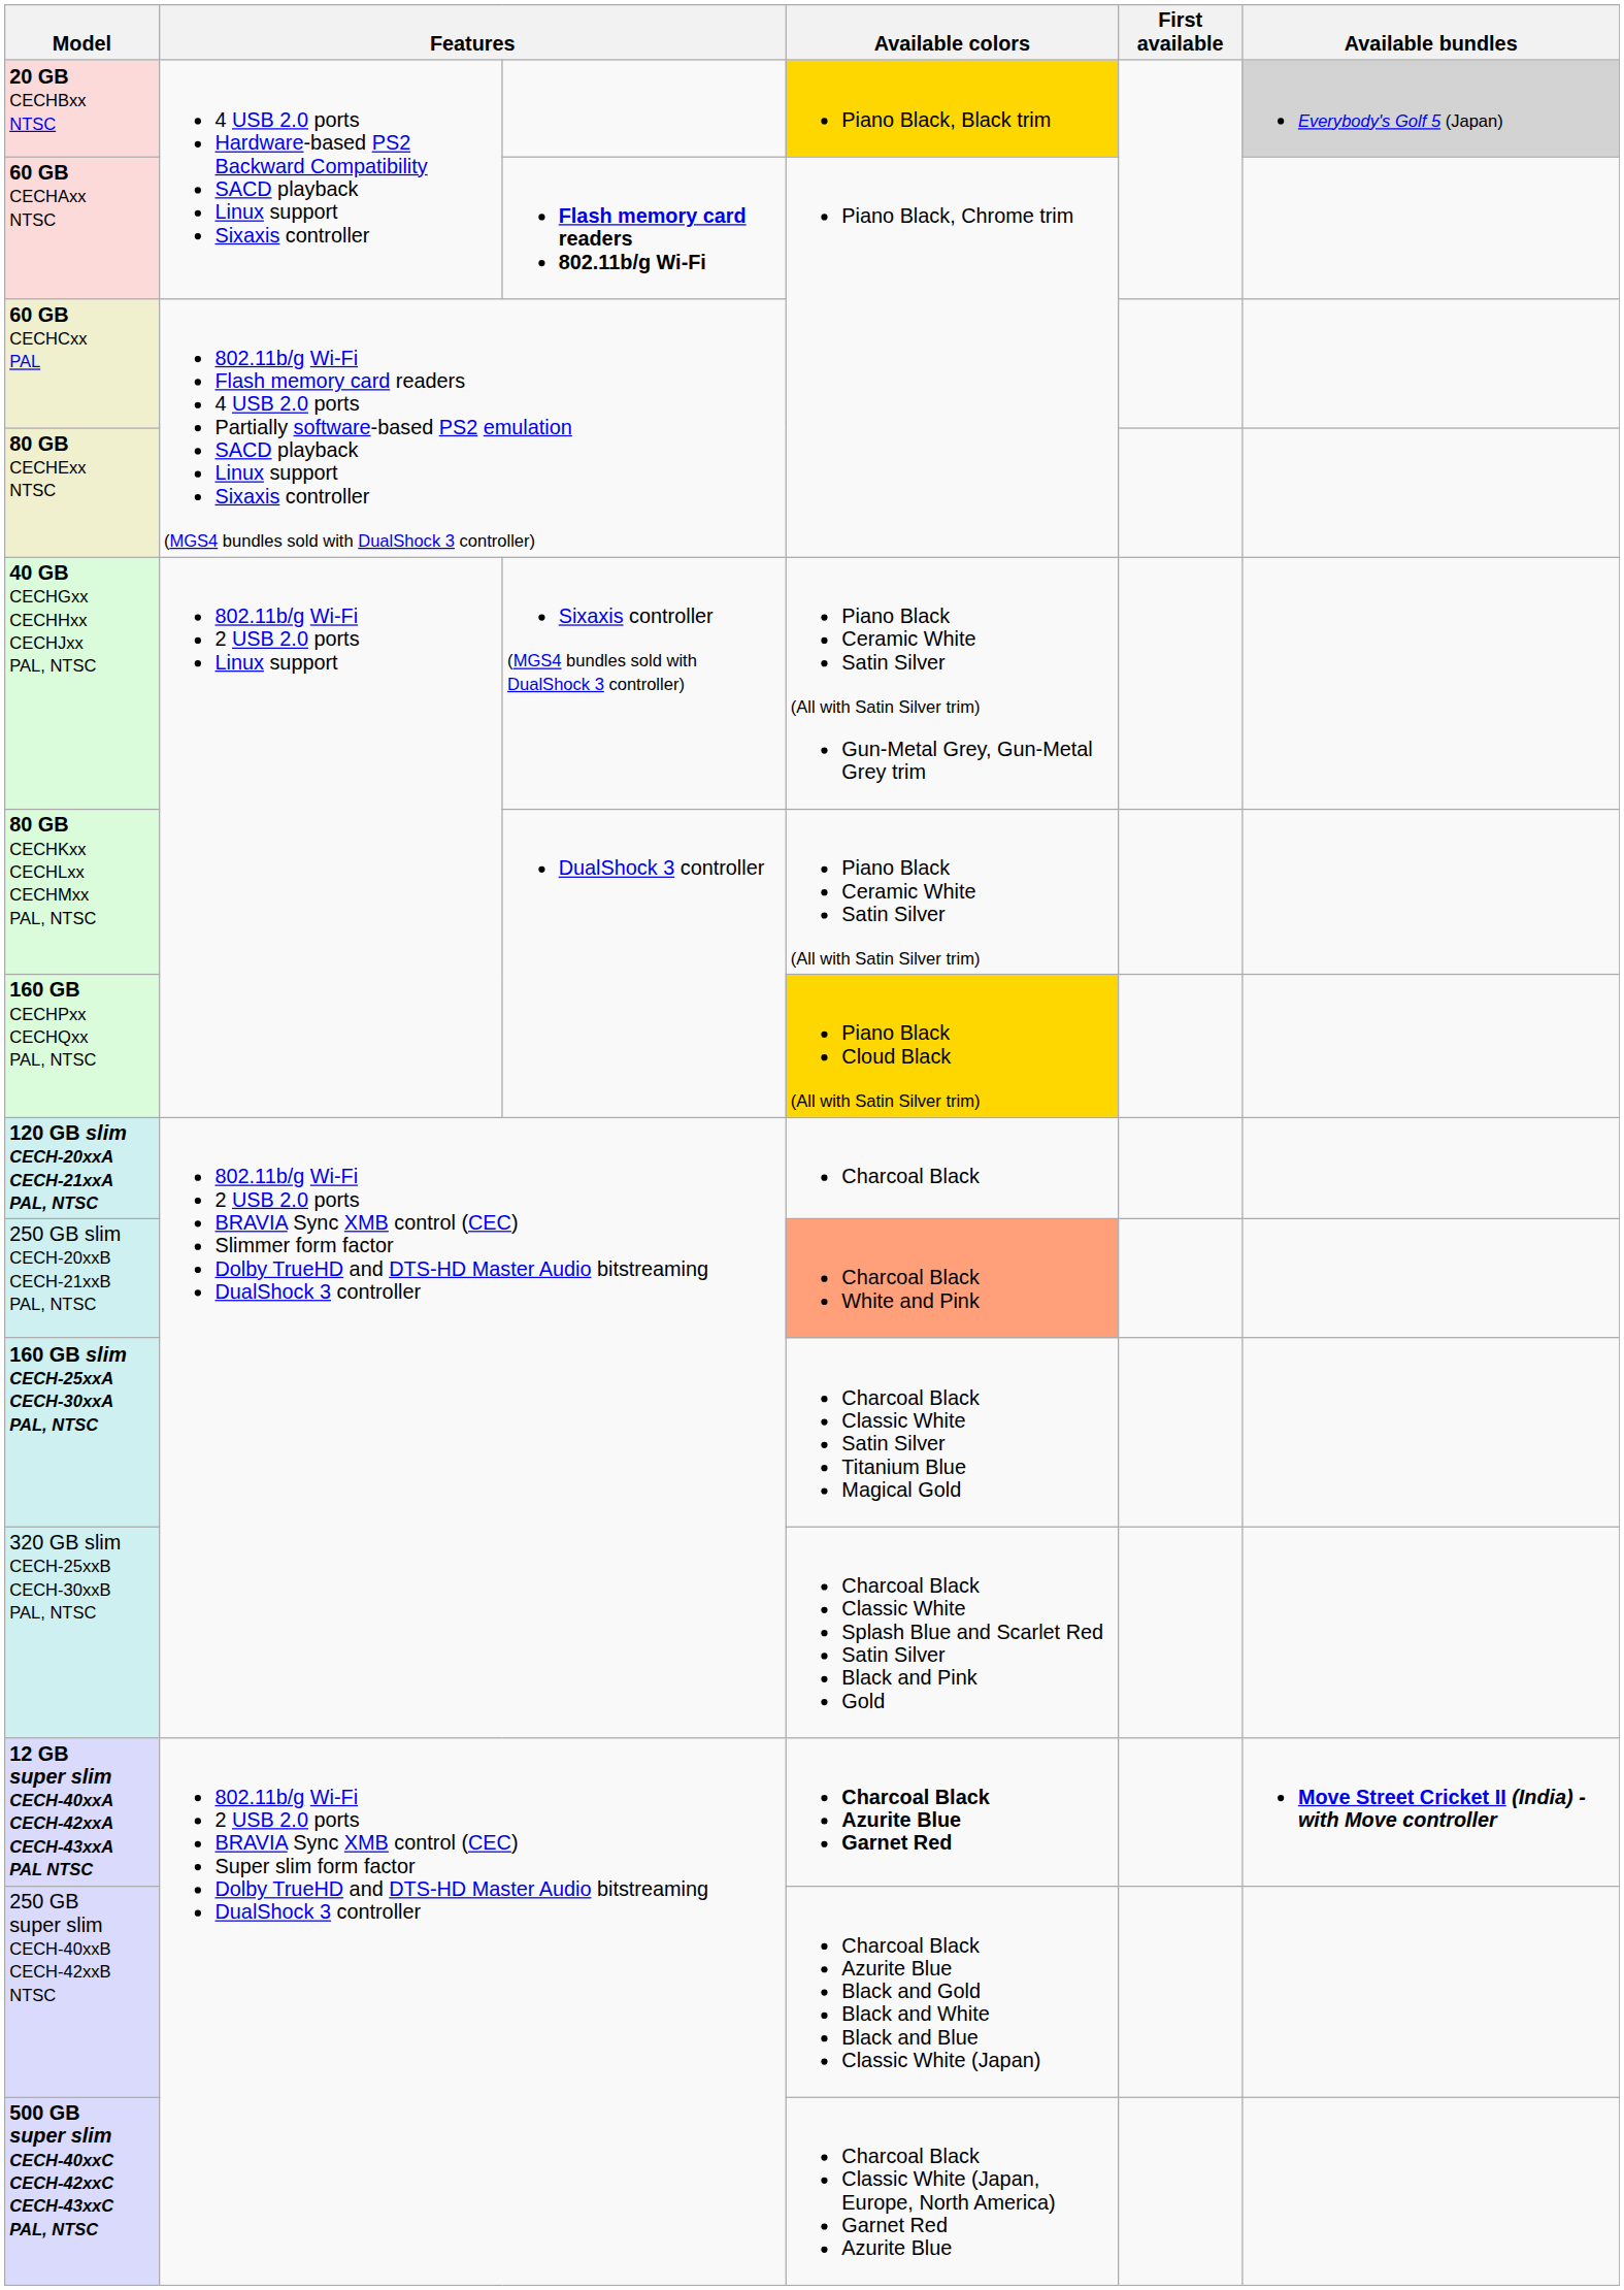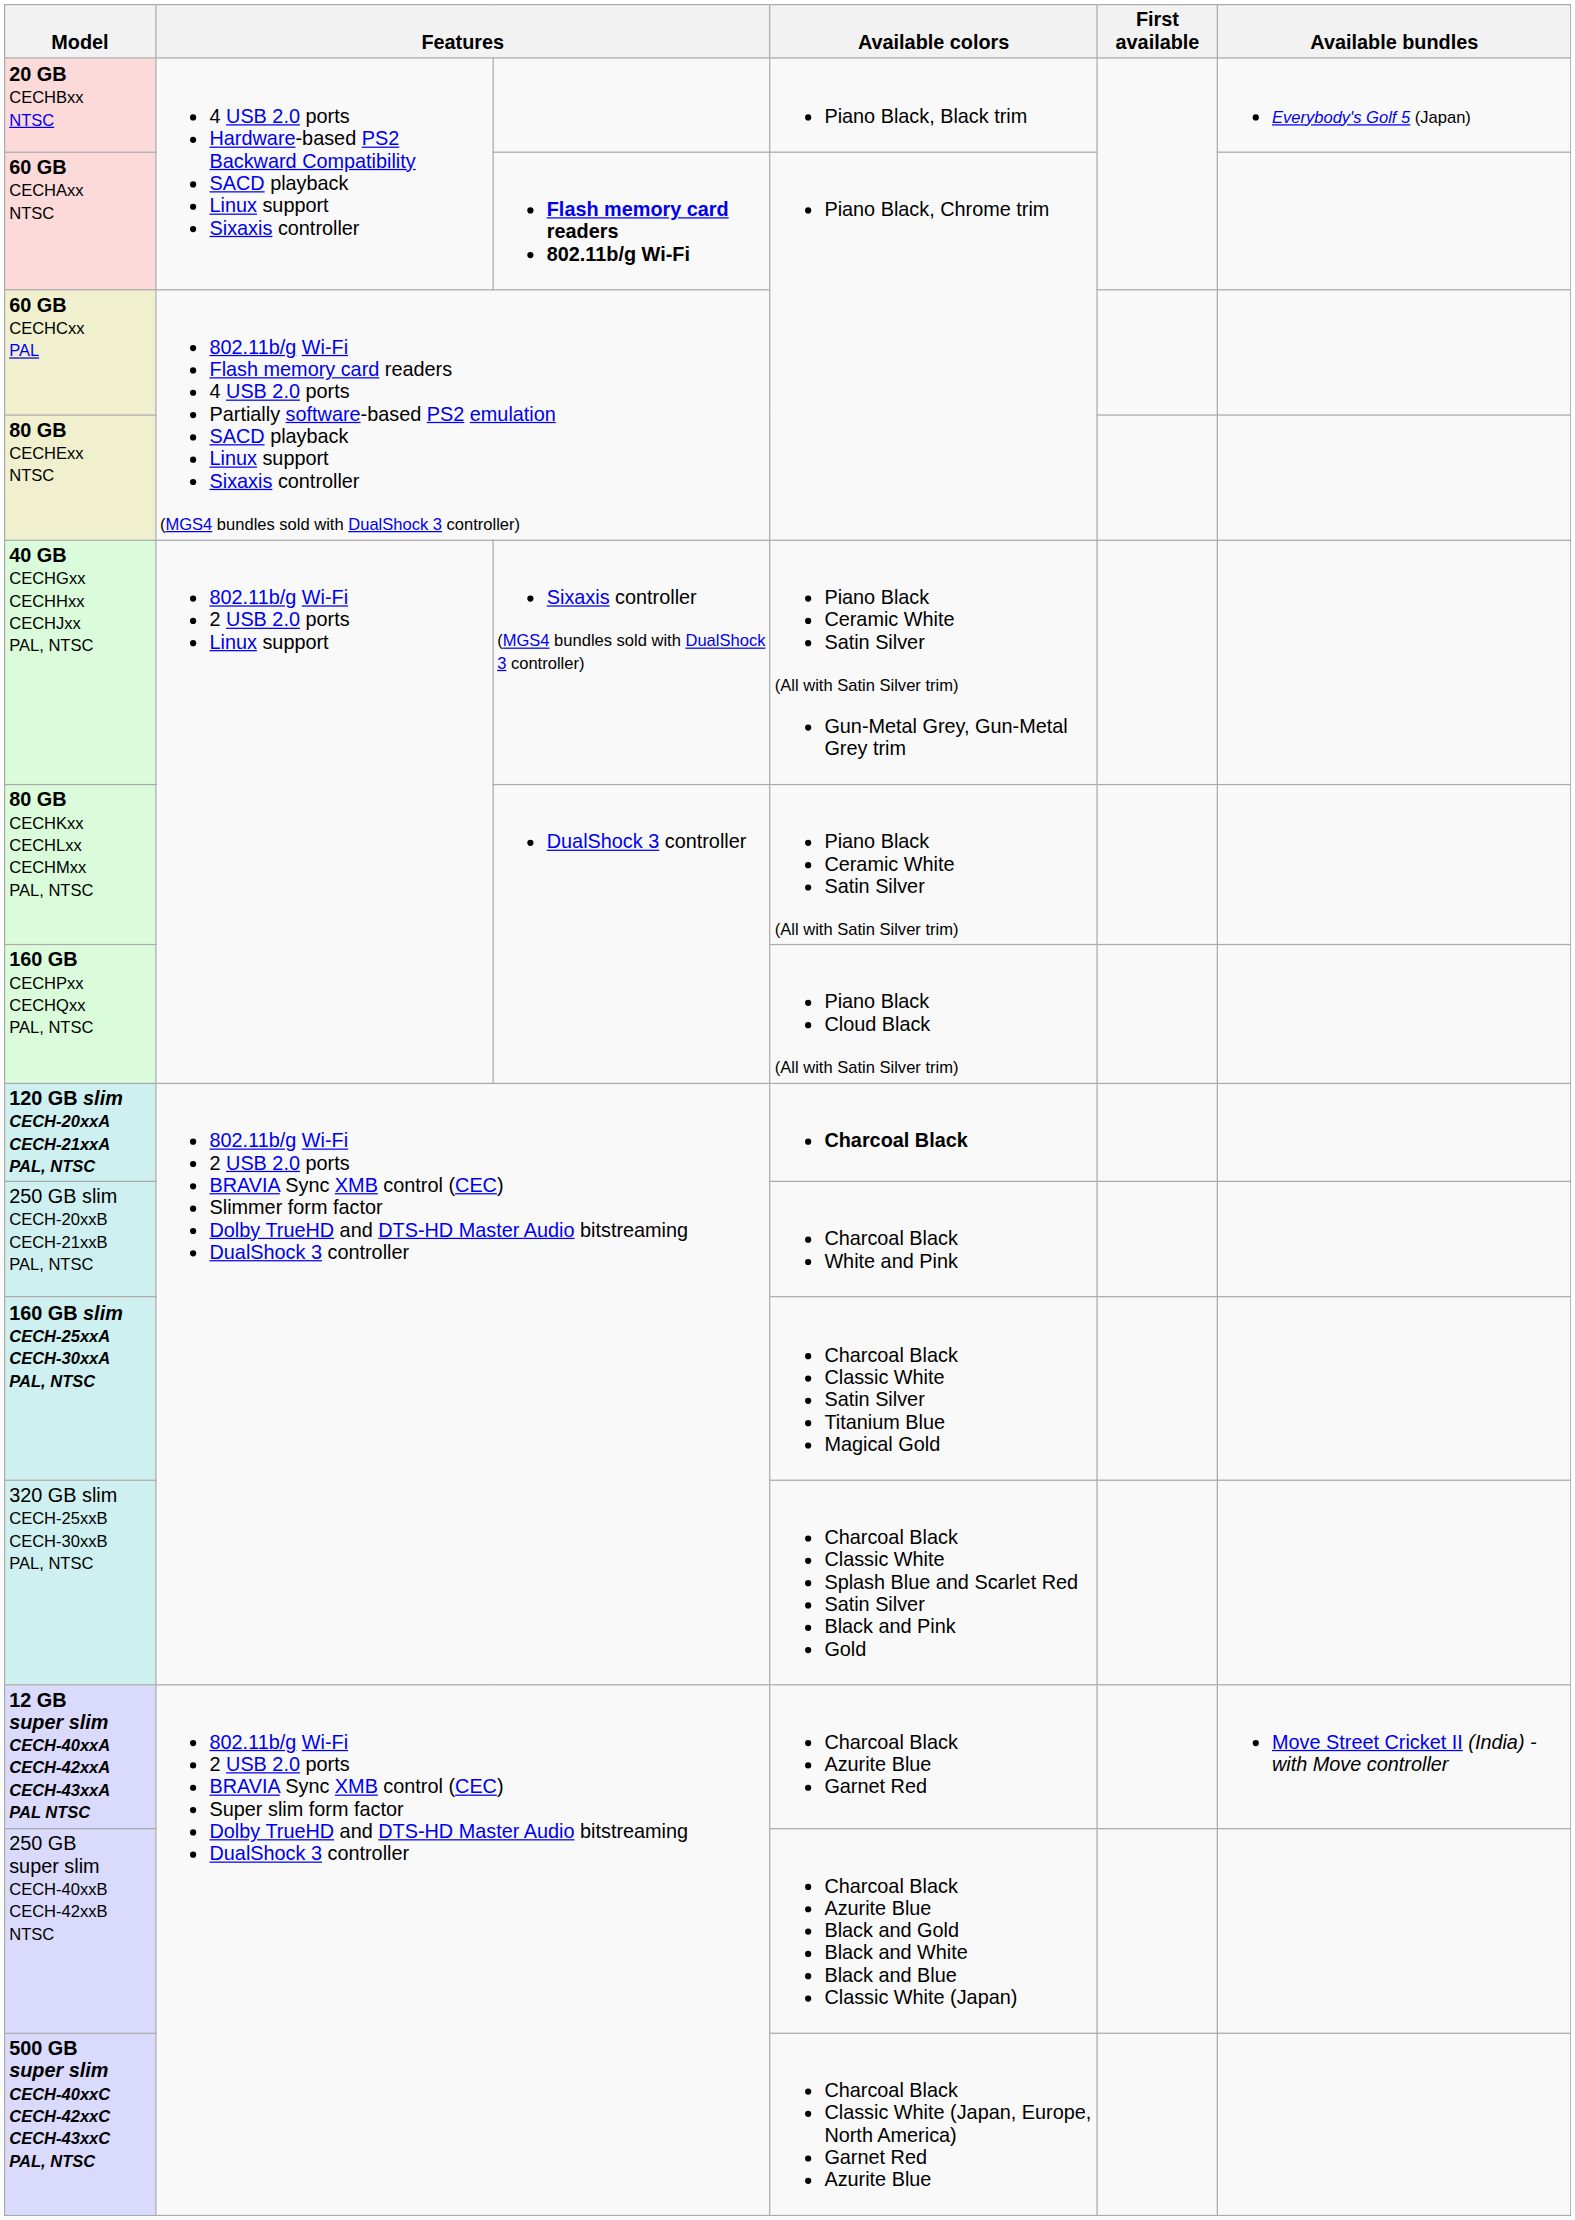 <table class="wikitable" style="width:100%;">
 <tr valign="bottom">
 <th>Model</th>
 <th colspan="2">Features</th>
 <th>Available colors</th>
 <th>First available</th>
 <th>Available bundles</th>
 </tr>
 <tr valign="top">
 <td style="background: #FCDADA;"><strong>20 GB</strong><br><small>CECHBxx<br><a href='#'>NTSC</a></small></td>
 <td rowspan="2"><br><ul><li>4 <a href='#'>USB 2.0</a> ports</li><li><a href='#'>Hardware</a>-based <a href='#'>PS2</a> <a href='#'>Backward Compatibility</a></li><li><a href='#'>SACD</a> playback</li><li><a href='#'>Linux</a> support</li><li><a href='#'>Sixaxis</a> controller</li></ul></td>
 <td></td>
-<td style="background: gold;"><br><ul><li>Piano Black, Black trim</li></ul></td>
+<td><br><ul><li>Piano Black, Black trim</li></ul></td>
 <td rowspan="2"></td>
-<td style="background: lightgrey;"><br><ul><li><small> <em><a href='#'>Everybody's Golf 5</a></em> (Japan) </small></li></ul></td>
+<td><br><ul><li><small> <em><a href='#'>Everybody's Golf 5</a></em> (Japan) </small></li></ul></td>
 </tr>
 <tr valign="top">
 <td style="background: #FCDADA;"><strong>60 GB</strong><br><small>CECHAxx<br>NTSC</small></td>
 <td><strong><br><ul><li><a href='#'>Flash memory card</a> readers</li><li>802.11b/g Wi-Fi</li></ul></strong></td>
 <td rowspan="3"><br><ul><li>Piano Black, Chrome trim</li></ul></td>
 <td><br></td>
 </tr>
 <tr valign="top">
 <td style="background: #F0F0CE;"><strong>60 GB</strong><br><small>CECHCxx<br><a href='#'>PAL</a></small></td>
 <td rowspan="2" colspan="2"><br><ul><li><a href='#'>802.11b/g</a> <a href='#'>Wi-Fi</a></li><li><a href='#'>Flash memory card</a> readers</li><li>4 <a href='#'>USB 2.0</a> ports</li><li>Partially <a href='#'>software</a>-based <a href='#'>PS2</a> <a href='#'>emulation</a></li><li><a href='#'>SACD</a> playback</li><li><a href='#'>Linux</a> support</li><li><a href='#'>Sixaxis</a> controller</li></ul><small>(<a href='#'>MGS4</a> bundles sold with <a href='#'>DualShock 3</a> controller)</small></td>
 <td></td>
 <td><br></td>
 </tr>
 <tr valign="top">
 <td style="background: #F0F0CE;"><strong>80 GB</strong><br><small>CECHExx<br>NTSC</small></td>
 <td></td>
 <td><br></td>
 </tr>
 <tr valign="top">
 <td style="background: #DAFCDA;"><strong>40 GB</strong><br><small>CECHGxx<br> CECHHxx<br> CECHJxx<br> PAL, NTSC</small></td>
 <td rowspan="3"><br><ul><li><a href='#'>802.11b/g</a> <a href='#'>Wi-Fi</a></li><li>2 <a href='#'>USB 2.0</a> ports</li><li><a href='#'>Linux</a> support</li></ul></td>
 <td><br><ul><li><a href='#'>Sixaxis</a> controller</li></ul><small>(<a href='#'>MGS4</a> bundles sold with <a href='#'>DualShock 3</a> controller)</small></td>
 <td><br><ul><li>Piano Black</li><li>Ceramic White</li><li>Satin Silver</li></ul><small>(All with Satin Silver trim)</small><ul><li>Gun-Metal Grey, Gun-Metal Grey trim</li></ul></td>
 <td> </td>
 <td><br></td>
 </tr>
 <tr valign="top">
 <td style="background: #DAFCDA;"><strong>80 GB</strong><br><small>CECHKxx<br> CECHLxx<br> CECHMxx<br>PAL, NTSC</small></td>
 <td rowspan="2"><br><ul><li><a href='#'>DualShock 3</a> controller</li></ul></td>
 <td><br><ul><li>Piano Black </li><li>Ceramic White </li><li>Satin Silver </li></ul><small>(All with Satin Silver trim)</small></td>
 <td></td>
 <td><br></td>
 </tr>
 <tr valign="top">
 <td style="background: #DAFCDA;"><strong>160 GB</strong><br><small>CECHPxx<br> CECHQxx<br>PAL, NTSC</small></td>
-<td style="background: gold;"><br><ul><li>Piano Black</li><li>Cloud Black</li></ul><small>(All with Satin Silver trim)</small></td>
+<td><br><ul><li>Piano Black</li><li>Cloud Black</li></ul><small>(All with Satin Silver trim)</small></td>
 <td></td>
 <td><br></td>
 </tr>
 <tr valign="top">
 <td style="background: #CEF0F0;"><strong>120 GB <em>slim<strong><em><br> <small>CECH-20xxA<br> CECH-21xxA<br> PAL, NTSC</small></td>
 <td rowspan="4" colspan="2"><br><ul><li><a href='#'>802.11b/g</a> <a href='#'>Wi-Fi</a></li><li>2 <a href='#'>USB 2.0</a> ports</li><li><a href='#'>BRAVIA</a> Sync <a href='#'>XMB</a> control (<a href='#'>CEC</a>)</li><li>Slimmer form factor</li><li><a href='#'>Dolby TrueHD</a> and <a href='#'>DTS-HD Master Audio</a> bitstreaming</li><li><a href='#'>DualShock 3</a> controller</li></ul></td>
-<td><br><ul><li>Charcoal Black</li></ul></td>
+<td><strong><br><ul><li>Charcoal Black</li></ul></strong></td>
 <td></td>
 <td><br></td>
 </tr>
 <tr valign="top">
 <td style="background: #CEF0F0;"></strong>250 GB </em>slim</em></strong> <br><small>CECH-20xxB<br>CECH-21xxB<br>PAL, NTSC</small></td>
-<td style="background: lightsalmon;"><br><ul><li>Charcoal Black</li><li>White and Pink</li></ul></td>
+<td><br><ul><li>Charcoal Black</li><li>White and Pink</li></ul></td>
 <td><br></td>
 <td><br></td>
 </tr>
 <tr valign="top">
 <td style="background: #CEF0F0;"><strong>160 GB <em>slim<strong><em><small><br>CECH-25xxA<br>CECH-30xxA<br>PAL, NTSC</small></td>
 <td><br><ul><li>Charcoal Black</li><li>Classic White</li><li>Satin Silver</li><li>Titanium Blue</li><li>Magical Gold</li></ul></td>
 <td></td>
 <td><br></td>
 </tr>
 <tr valign="top">
 <td style="background: #CEF0F0;"></strong>320 GB </em>slim</em></strong><small><br>CECH-25xxB<br>CECH-30xxB<br>PAL, NTSC</small></td>
 <td><br><ul><li>Charcoal Black</li><li>Classic White</li><li>Splash Blue and Scarlet Red</li><li>Satin Silver</li><li>Black and Pink</li><li>Gold</li></ul></td>
 <td></td>
 <td><br></td>
 </tr>
 <tr valign="top">
 <td style="background: #DADAFC;"><strong>12 GB <em>super slim<strong><em><small><br>CECH-40xxA<br>CECH-42xxA<br>CECH-43xxA<br>PAL NTSC</small></td>
 <td rowspan="3" colspan="2"><br><ul><li><a href='#'>802.11b/g</a> <a href='#'>Wi-Fi</a></li><li>2 <a href='#'>USB 2.0</a> ports</li><li><a href='#'>BRAVIA</a> Sync <a href='#'>XMB</a> control (<a href='#'>CEC</a>)</li><li>Super slim form factor</li><li><a href='#'>Dolby TrueHD</a> and <a href='#'>DTS-HD Master Audio</a> bitstreaming</li><li><a href='#'>DualShock 3</a> controller</li></ul></td>
-<td><strong><br><ul><li>Charcoal Black</li><li>Azurite Blue </li><li>Garnet Red</li></ul></strong></td>
+<td><br><ul><li>Charcoal Black</li><li>Azurite Blue </li><li>Garnet Red</li></ul></td>
 <td></td>
-<td><strong><br><ul><li></em><a href='#'>Move Street Cricket II</a><em> (India) - with Move controller</li></ul></strong></td>
+<td><br><ul><li></em><a href='#'>Move Street Cricket II</a><em> (India) - with Move controller</li></ul></td>
 </tr>
 <tr valign="top">
 <td style="background: #DADAFC;"></strong>250 GB </em>super slim</em></strong><small><br>CECH-40xxB<br>CECH-42xxB<br>NTSC</small></td>
 <td><br><ul><li>Charcoal Black</li><li>Azurite Blue </li><li>Black and Gold </li><li>Black and White </li><li>Black and Blue </li><li>Classic White (Japan)</li></ul></td>
 <td></td>
 <td><br></td>
 </tr>
 <tr valign="top">
 <td style="background: #DADAFC;"><strong>500 GB <em>super slim<strong><em><small><br>CECH-40xxC<br>CECH-42xxC<br>CECH-43xxC<br>PAL, NTSC</small></td>
 <td><br><ul><li>Charcoal Black</li><li>Classic White (Japan, Europe, North America)</li><li>Garnet Red</li><li>Azurite Blue</li></ul></td>
 <td></td>
 <td><br></td>
 </tr>
 </table>
